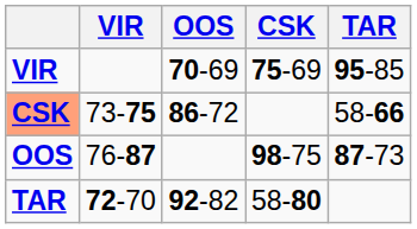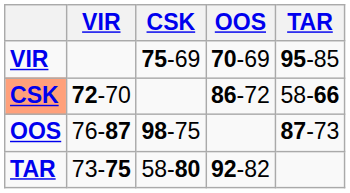 <table class="wikitable">
 <tr>
 <th></th>
 <th> <a href='#'>VIR</a></th>
+<th> <strong><a href='#'>CSK</a></strong></th>
 <th> <strong><a href='#'>OOS</a></strong></th>
-<th> <strong><a href='#'>CSK</a></strong></th>
 <th> <strong><a href='#'>TAR</a></strong></th>
 </tr>
 <tr>
 <td> <strong><a href='#'>VIR</a></strong></td>
 <td></td>
+<td><strong>75</strong>-69</td>
 <td><strong>70</strong>-69</td>
-<td><strong>75</strong>-69</td>
 <td><strong>95</strong>-85</td>
 </tr>
 <tr>
 <td style="background: lightsalmon;"> <strong><a href='#'>CSK</a></strong></td>
-<td>73-<strong>75</strong></td>
+<td><strong>72</strong>-70</td>
+<td></td>
 <td><strong>86</strong>-72</td>
-<td></td>
 <td>58-<strong>66</strong></td>
 </tr>
 <tr>
 <td> <strong><a href='#'>OOS</a></strong></td>
 <td>76-<strong>87</strong></td>
+<td><strong>98</strong>-75</td>
 <td></td>
-<td><strong>98</strong>-75</td>
 <td><strong>87</strong>-73</td>
 </tr>
 <tr>
 <td> <strong><a href='#'>TAR</a></strong></td>
-<td><strong>72</strong>-70</td>
+<td>73-<strong>75</strong></td>
+<td>58-<strong>80</strong></td>
 <td><strong>92</strong>-82</td>
-<td>58-<strong>80</strong></td>
 <td></td>
 </tr>
 </table>
